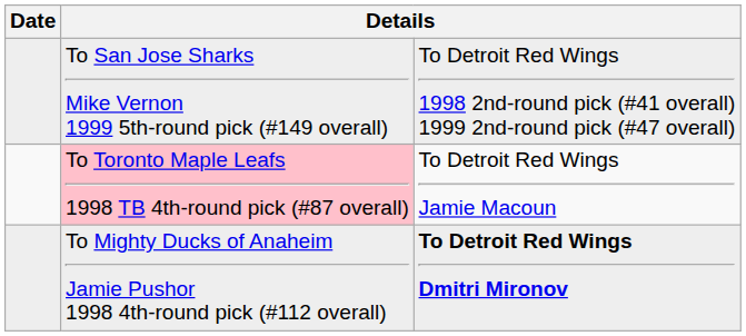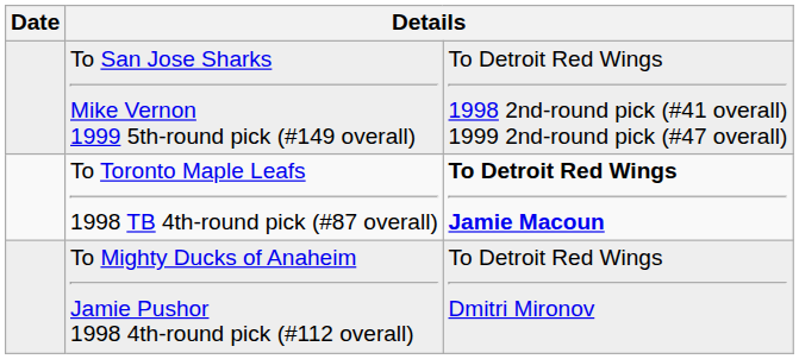 <table class="wikitable">
 <tr>
 <th>Date</th>
 <th colspan="2">Details</th>
 </tr>
 <tr style="background:#eee;">
 <td></td>
 <td valign="top">To <a href='#'>San Jose Sharks</a><hr><a href='#'>Mike Vernon</a><br><a href='#'>1999</a> 5th-round pick (#149 overall)</td>
 <td valign="top">To Detroit Red Wings<hr><a href='#'>1998</a> 2nd-round pick (#41 overall) <br>1999 2nd-round pick (#47 overall)</td>
 </tr>
 <tr>
 <td></td>
-<td valign="top" style="background: pink;">To <a href='#'>Toronto Maple Leafs</a><hr>1998 <a href='#'>TB</a> 4th-round pick (#87 overall)</td>
-<td valign="top">To Detroit Red Wings<hr><a href='#'>Jamie Macoun</a></td>
+<td valign="top">To <a href='#'>Toronto Maple Leafs</a><hr>1998 <a href='#'>TB</a> 4th-round pick (#87 overall)</td>
+<td valign="top"><strong>To Detroit Red Wings<hr><a href='#'>Jamie Macoun</a></strong></td>
 </tr>
 <tr style="background:#eee;">
 <td></td>
 <td valign="top">To <a href='#'>Mighty Ducks of Anaheim</a><hr><a href='#'>Jamie Pushor</a><br>1998 4th-round pick (#112 overall)</td>
-<td valign="top"><strong>To Detroit Red Wings<hr><a href='#'>Dmitri Mironov</a></strong></td>
+<td valign="top">To Detroit Red Wings<hr><a href='#'>Dmitri Mironov</a></td>
 </tr>
 </table>
